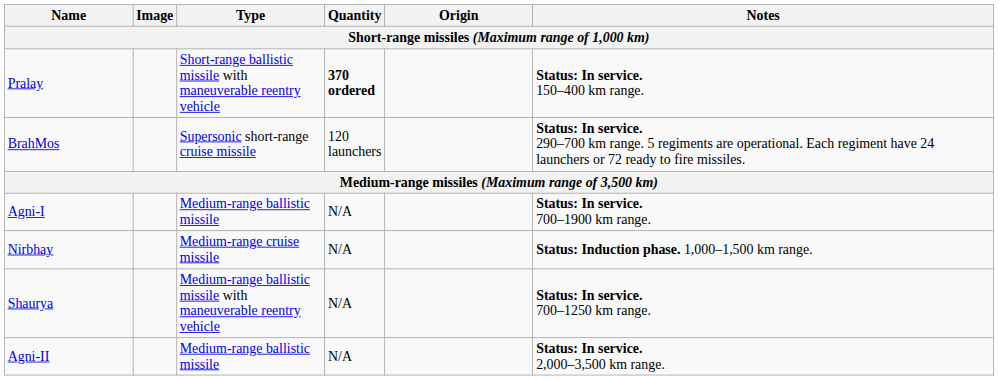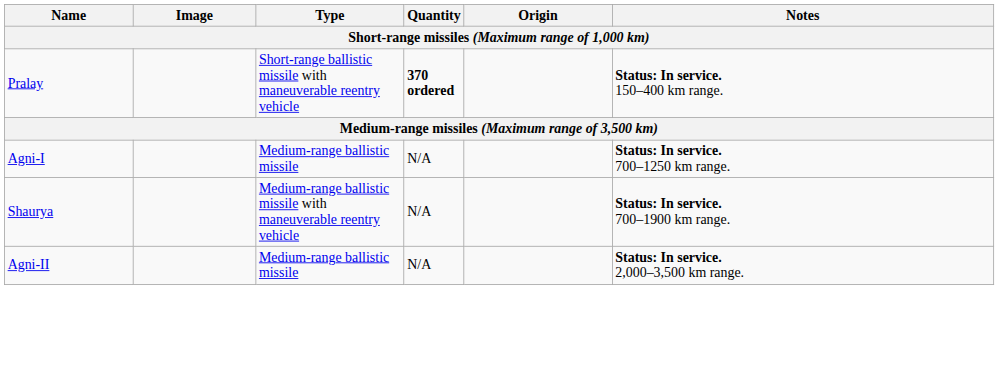 <table class="wikitable" style="width:90%;">
 <tr>
 <th style="width:13%;">Name</th>
 <th>Image</th>
 <th style="width:15%;">Type</th>
 <th style="width:5%;">Quantity</th>
 <th style="width:15%;">Origin</th>
 <th>Notes</th>
 </tr>
 <tr>
 <th colspan="6">Short-range missiles <em>(Maximum range of 1,000 km)</em></th>
 </tr>
 <tr>
 <td><a href='#'>Pralay</a></td>
 <td></td>
 <td><a href='#'>Short-range ballistic missile</a> with <a href='#'>maneuverable reentry vehicle</a></td>
 <td><strong>370 ordered</strong></td>
 <td></td>
 <td><strong>Status: In service.</strong><br>150–400 km range.</td>
 </tr>
 <tr>
-<td><a href='#'>BrahMos</a></td>
-<td></td>
-<td><a href='#'>Supersonic</a> short-range <a href='#'>cruise missile</a></td>
-<td>120 launchers</td>
-<td><br></td>
-<td><strong>Status: In service.</strong><br>290–700 km range.  5 regiments are operational. Each regiment have 24 launchers or 72 ready to fire missiles.</td>
-</tr>
-<tr>
 <th colspan="6">Medium-range missiles <em>(Maximum range of 3,500 km)</em></th>
 </tr>
 <tr>
 <td><a href='#'>Agni-I</a></td>
 <td></td>
 <td><a href='#'>Medium-range ballistic missile</a></td>
 <td>N/A</td>
 <td></td>
-<td><strong>Status: In service.</strong><br>700–1900 km range.</td>
-</tr>
-<tr>
-<td><a href='#'>Nirbhay</a></td>
-<td></td>
-<td><a href='#'>Medium-range cruise missile</a></td>
-<td>N/A</td>
-<td></td>
-<td><strong>Status: Induction phase.</strong> 1,000–1,500 km range.</td>
+<td><strong>Status: In service.</strong><br>700–1250 km range.</td>
 </tr>
 <tr>
 <td><a href='#'>Shaurya</a></td>
 <td></td>
 <td><a href='#'>Medium-range ballistic missile</a> with <a href='#'>maneuverable reentry vehicle</a></td>
 <td>N/A</td>
 <td></td>
-<td><strong>Status: In service.</strong><br>700–1250 km range.</td>
+<td><strong>Status: In service.</strong><br>700–1900 km range.</td>
 </tr>
 <tr>
 <td><a href='#'>Agni-II</a></td>
 <td></td>
 <td><a href='#'>Medium-range ballistic missile</a></td>
 <td>N/A</td>
 <td></td>
 <td><strong>Status: In service.</strong><br>2,000–3,500 km range.</td>
 </tr>
 </table>
